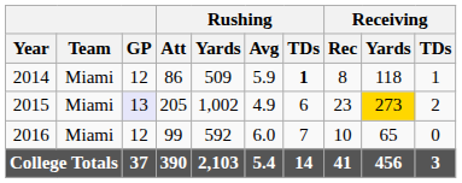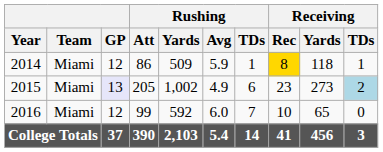 <table class="wikitable" style="text-align:center;">
 <tr>
 <th colspan=3></th>
 <th colspan=4>Rushing</th>
 <th colspan=3>Receiving</th>
 </tr>
 <tr>
 <th>Year</th>
 <th>Team</th>
 <th>GP</th>
 <th>Att</th>
 <th>Yards</th>
 <th>Avg</th>
 <th>TDs</th>
 <th>Rec</th>
 <th>Yards</th>
 <th>TDs</th>
 </tr>
 <tr>
 <td>2014</td>
 <td>Miami</td>
 <td>12</td>
 <td>86</td>
 <td>509</td>
 <td>5.9</td>
-<td><strong>1</strong></td>
-<td>8</td>
+<td>1</td>
+<td style="background: gold;">8</td>
 <td>118</td>
 <td>1</td>
 </tr>
 <tr>
 <td>2015</td>
 <td>Miami</td>
 <td style="background: lavender;">13</td>
 <td>205</td>
 <td>1,002</td>
 <td>4.9</td>
 <td>6</td>
 <td>23</td>
-<td style="background: gold;">273</td>
-<td>2</td>
+<td>273</td>
+<td style="background: lightblue;">2</td>
 </tr>
 <tr>
 <td>2016</td>
 <td>Miami</td>
 <td>12</td>
 <td>99</td>
 <td>592</td>
 <td>6.0</td>
 <td>7</td>
 <td>10</td>
 <td>65</td>
 <td>0</td>
 </tr>
 <tr style="background:#555; font-weight:bold; color:white;">
 <td colspan=2>College Totals</td>
 <td>37</td>
 <td>390</td>
 <td>2,103</td>
 <td>5.4</td>
 <td>14</td>
 <td>41</td>
 <td>456</td>
 <td>3</td>
 </tr>
 </table>
